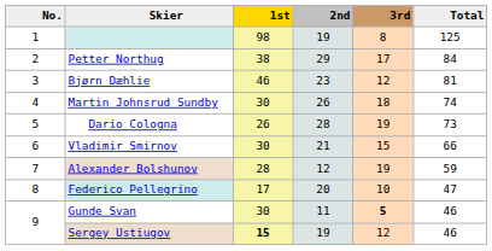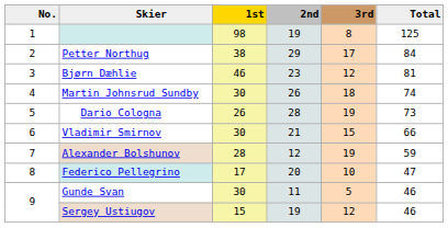 <table class="wikitable sortable" style="background:#fff; font-size:86%; line-height:16px; border:gray solid 1px">
 <tr>
 <th style="width:10px; background:#efefef;">     No.</th>
 <th style="width:160px; background:#efefef;">     Skier</th>
 <th style="background:gold;">     1st</th>
 <th style="background:silver">     2nd</th>
 <th style="background:#cc9966;">     3rd</th>
 <th style="background:#efefef;">     Total</th>
 </tr>
 <tr align="center">
 <td>1</td>
 <td align=left bgcolor=CFECEC></td>
 <td style="background:#F7F6A8;">98</td>
 <td style="background:#DCE5E5;">19</td>
 <td style="background:#FFDAB9;">8</td>
 <td align="center">125</td>
 </tr>
 <tr align=center>
 <td>2</td>
 <td align=left> <a href='#'>Petter Northug</a></td>
 <td style="background:#F7F6A8;">38</td>
 <td style="background:#DCE5E5;">29</td>
 <td style="background:#FFDAB9;">17</td>
 <td align="center">84</td>
 </tr>
 <tr align=center>
 <td>3</td>
 <td align=left> <a href='#'>Bjørn Dæhlie</a></td>
 <td style="background:#F7F6A8;">46</td>
 <td style="background:#DCE5E5;">23</td>
 <td style="background:#FFDAB9;">12</td>
 <td align="center">81</td>
 </tr>
 <tr align=center>
 <td>4</td>
 <td align=left> <a href='#'>Martin Johnsrud Sundby</a></td>
 <td style="background:#F7F6A8;">30</td>
 <td style="background:#DCE5E5;">26</td>
 <td style="background:#FFDAB9;">18</td>
 <td align="center">74</td>
 </tr>
 <tr align=center>
 <td>5</td>
 <td align=left>   <a href='#'>Dario Cologna</a></td>
 <td style="background:#F7F6A8;">26</td>
 <td style="background:#DCE5E5;">28</td>
 <td style="background:#FFDAB9;">19</td>
 <td align="center">73</td>
 </tr>
 <tr align=center>
 <td>6</td>
 <td align=left> <a href='#'>Vladimir Smirnov</a></td>
 <td style="background:#F7F6A8;">30</td>
 <td style="background:#DCE5E5;">21</td>
 <td style="background:#FFDAB9;">15</td>
 <td align="center">66</td>
 </tr>
 <tr align=center>
 <td>7</td>
 <td align=left bgcolor=efdecd> <a href='#'>Alexander Bolshunov</a></td>
 <td style="background:#F7F6A8;">28</td>
 <td style="background:#DCE5E5;">12</td>
 <td style="background:#FFDAB9;">19</td>
 <td align="center">59 </td>
 </tr>
 <tr align=center>
 <td>8</td>
 <td align=left bgcolor=CFECEC> <a href='#'>Federico Pellegrino</a></td>
 <td style="background:#F7F6A8;">17</td>
 <td style="background:#DCE5E5;">20</td>
 <td style="background:#FFDAB9;">10</td>
 <td align="center">47 </td>
 </tr>
 <tr align=center>
 <td rowspan=2>9</td>
 <td align=left> <a href='#'>Gunde Svan</a></td>
 <td style="background:#F7F6A8;">30</td>
 <td style="background:#DCE5E5;">11</td>
-<td style="background:#FFDAB9;"><strong>5</strong></td>
+<td style="background:#FFDAB9;">5</td>
 <td align="center">46</td>
 </tr>
 <tr align=center>
 <td align=left bgcolor=efdecd> <a href='#'>Sergey Ustiugov</a></td>
-<td style="background:#F7F6A8;"><strong>15</strong></td>
+<td style="background:#F7F6A8;">15</td>
 <td style="background:#DCE5E5;">19</td>
 <td style="background:#FFDAB9;">12</td>
 <td align="center">46</td>
 </tr>
 </table>
